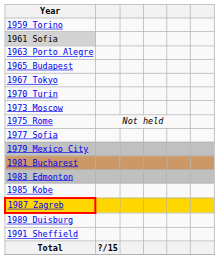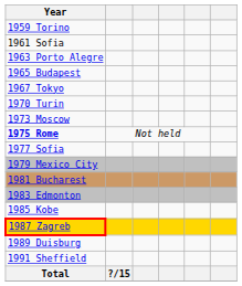 <table class="wikitable" style="text-align: center;">
 <tr>
 <th>Year</th>
 <th></th>
 <th width=30></th>
 <th width=30></th>
 <th width=30></th>
 <th width=30></th>
 </tr>
 <tr>
 <td style="text-align: left;"> <a href='#'>1959 Torino</a></td>
 <td></td>
 <td></td>
 <td></td>
 <td></td>
 <td></td>
 </tr>
 <tr>
-<td style="background: lightgrey; text-align: left;"> 1961 Sofia</td>
+<td style="text-align: left;"> 1961 Sofia</td>
 <td></td>
 <td></td>
 <td></td>
 <td></td>
 <td></td>
 </tr>
 <tr>
 <td style="text-align: left;"> <a href='#'>1963 Porto Alegre</a></td>
 <td></td>
 <td></td>
 <td></td>
 <td></td>
 <td></td>
 </tr>
 <tr>
 <td style="text-align: left;"> <a href='#'>1965 Budapest</a></td>
 <td></td>
 <td></td>
 <td></td>
 <td></td>
 <td></td>
 </tr>
 <tr>
 <td style="text-align: left;"> <a href='#'>1967 Tokyo</a></td>
 <td></td>
 <td></td>
 <td></td>
 <td></td>
 <td></td>
 </tr>
 <tr>
 <td style="text-align: left;"> <a href='#'>1970 Turin</a></td>
 <td></td>
 <td></td>
 <td></td>
 <td></td>
 <td></td>
 </tr>
 <tr>
 <td style="text-align: left;"> <a href='#'>1973 Moscow</a></td>
 <td></td>
 <td></td>
 <td></td>
 <td></td>
 <td></td>
 </tr>
 <tr>
-<td style="text-align: left;"> <a href='#'>1975 Rome</a></td>
+<td style="text-align: left;"><strong> <a href='#'>1975 Rome</a></strong></td>
 <td colspan=4><em>Not held</em></td>
 <td></td>
 </tr>
 <tr>
 <td style="text-align: left;"> <a href='#'>1977 Sofia</a></td>
 <td></td>
 <td></td>
 <td></td>
 <td></td>
 <td></td>
 </tr>
 <tr bgcolor=silver>
 <td style="text-align: left;"> <a href='#'>1979 Mexico City</a></td>
 <td></td>
 <td></td>
 <td></td>
 <td></td>
 <td></td>
 </tr>
 <tr bgcolor=cc9966>
 <td style="text-align: left;"> <a href='#'>1981 Bucharest</a></td>
 <td></td>
 <td></td>
 <td></td>
 <td></td>
 <td></td>
 </tr>
 <tr bgcolor=silver>
 <td style="text-align: left;"> <a href='#'>1983 Edmonton</a></td>
 <td></td>
 <td></td>
 <td></td>
 <td></td>
 <td></td>
 </tr>
 <tr>
 <td style="text-align: left;"> <a href='#'>1985 Kobe</a></td>
 <td></td>
 <td></td>
 <td></td>
 <td></td>
 <td></td>
 </tr>
 <tr bgcolor=gold>
 <td style="text-align: left; border: 3px solid red;"> <a href='#'>1987 Zagreb</a></td>
 <td></td>
 <td></td>
 <td></td>
 <td></td>
 <td></td>
 </tr>
 <tr>
 <td style="text-align: left;"> <a href='#'>1989 Duisburg</a></td>
 <td></td>
 <td></td>
 <td></td>
 <td></td>
 <td></td>
 </tr>
 <tr>
 <td style="text-align: left;"> <a href='#'>1991 Sheffield</a></td>
 <td></td>
 <td></td>
 <td></td>
 <td></td>
 <td></td>
 </tr>
 <tr>
 <th>Total</th>
 <th>?/15</th>
 <th></th>
 <th></th>
 <th></th>
 <th></th>
 </tr>
 <tr>
 </tr>
 </table>
